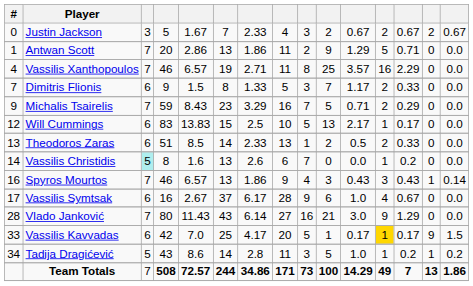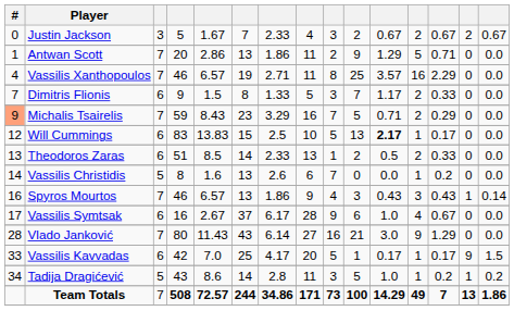 <table class="wikitable sortable" style="font-size:90%; text-align:center;">
 <tr>
 <th>#</th>
 <th>Player</th>
 <th></th>
 <th></th>
 <th></th>
 <th></th>
 <th></th>
 <th></th>
 <th></th>
 <th></th>
 <th></th>
 <th></th>
 <th></th>
 <th></th>
 <th></th>
 </tr>
 <tr>
 <td>0</td>
 <td align="left"> <a href='#'>Justin Jackson</a></td>
 <td>3</td>
 <td>5</td>
 <td>1.67</td>
 <td>7</td>
 <td>2.33</td>
 <td>4</td>
 <td>3</td>
 <td>2</td>
 <td>0.67</td>
 <td>2</td>
 <td>0.67</td>
 <td>2</td>
 <td>0.67</td>
 </tr>
 <tr>
 </tr>
 <tr>
 <td>1</td>
 <td align="left"> <a href='#'>Antwan Scott</a></td>
 <td>7</td>
 <td>20</td>
 <td>2.86</td>
 <td>13</td>
 <td>1.86</td>
 <td>11</td>
 <td>2</td>
 <td>9</td>
 <td>1.29</td>
 <td>5</td>
 <td>0.71</td>
 <td>0</td>
 <td>0.0</td>
 </tr>
 <tr>
 </tr>
 <tr>
 <td>4</td>
 <td align="left"> <a href='#'>Vassilis Xanthopoulos</a></td>
 <td>7</td>
 <td>46</td>
 <td>6.57</td>
 <td>19</td>
 <td>2.71</td>
 <td>11</td>
 <td>8</td>
 <td>25</td>
 <td>3.57</td>
 <td>16</td>
 <td>2.29</td>
 <td>0</td>
 <td>0.0</td>
 </tr>
 <tr>
 </tr>
 <tr>
 <td>7</td>
 <td align="left"> <a href='#'>Dimitris Flionis</a></td>
 <td>6</td>
 <td>9</td>
 <td>1.5</td>
 <td>8</td>
 <td>1.33</td>
 <td>5</td>
 <td>3</td>
 <td>7</td>
 <td>1.17</td>
 <td>2</td>
 <td>0.33</td>
 <td>0</td>
 <td>0.0</td>
 </tr>
 <tr>
 </tr>
 <tr>
-<td>9</td>
+<td style="background: lightsalmon;">9</td>
 <td align="left"> <a href='#'>Michalis Tsairelis</a></td>
 <td>7</td>
 <td>59</td>
 <td>8.43</td>
 <td>23</td>
 <td>3.29</td>
 <td>16</td>
 <td>7</td>
 <td>5</td>
 <td>0.71</td>
 <td>2</td>
 <td>0.29</td>
 <td>0</td>
 <td>0.0</td>
 </tr>
 <tr>
 </tr>
 <tr>
 <td>12</td>
 <td align="left"> <a href='#'>Will Cummings</a></td>
 <td>6</td>
 <td>83</td>
 <td>13.83</td>
 <td>15</td>
 <td>2.5</td>
 <td>10</td>
 <td>5</td>
 <td>13</td>
-<td>2.17</td>
+<td><strong>2.17</strong></td>
 <td>1</td>
 <td>0.17</td>
 <td>0</td>
 <td>0.0</td>
 </tr>
 <tr>
 </tr>
 <tr>
 <td>13</td>
 <td align="left"> <a href='#'>Theodoros Zaras</a></td>
 <td>6</td>
 <td>51</td>
 <td>8.5</td>
 <td>14</td>
 <td>2.33</td>
 <td>13</td>
 <td>1</td>
 <td>2</td>
 <td>0.5</td>
 <td>2</td>
 <td>0.33</td>
 <td>0</td>
 <td>0.0</td>
 </tr>
 <tr>
 </tr>
 <tr>
 <td>14</td>
 <td align="left"> <a href='#'>Vassilis Christidis</a></td>
-<td style="background: paleturquoise;">5</td>
+<td>5</td>
 <td>8</td>
 <td>1.6</td>
 <td>13</td>
 <td>2.6</td>
 <td>6</td>
 <td>7</td>
 <td>0</td>
 <td>0.0</td>
 <td>1</td>
 <td>0.2</td>
 <td>0</td>
 <td>0.0</td>
 </tr>
 <tr>
 </tr>
 <tr>
 <td>16</td>
 <td align="left"> <a href='#'>Spyros Mourtos</a></td>
 <td>7</td>
 <td>46</td>
 <td>6.57</td>
 <td>13</td>
 <td>1.86</td>
 <td>9</td>
 <td>4</td>
 <td>3</td>
 <td>0.43</td>
 <td>3</td>
 <td>0.43</td>
 <td>1</td>
 <td>0.14</td>
 </tr>
 <tr>
 </tr>
 <tr>
 <td>17</td>
 <td align="left"> <a href='#'>Vassilis Symtsak</a></td>
 <td>6</td>
 <td>16</td>
 <td>2.67</td>
 <td>37</td>
 <td>6.17</td>
 <td>28</td>
 <td>9</td>
 <td>6</td>
 <td>1.0</td>
 <td>4</td>
 <td>0.67</td>
 <td>0</td>
 <td>0.0</td>
 </tr>
 <tr>
 </tr>
 <tr>
 <td>28</td>
 <td align="left"> <a href='#'>Vlado Janković</a></td>
 <td>7</td>
 <td>80</td>
 <td>11.43</td>
 <td>43</td>
 <td>6.14</td>
 <td>27</td>
 <td>16</td>
 <td>21</td>
 <td>3.0</td>
 <td>9</td>
 <td>1.29</td>
 <td>0</td>
 <td>0.0</td>
 </tr>
 <tr>
 </tr>
 <tr>
 <td>33</td>
 <td align="left"> <a href='#'>Vassilis Kavvadas</a></td>
 <td>6</td>
 <td>42</td>
 <td>7.0</td>
 <td>25</td>
 <td>4.17</td>
 <td>20</td>
 <td>5</td>
 <td>1</td>
 <td>0.17</td>
-<td style="background: gold;">1</td>
+<td>1</td>
 <td>0.17</td>
 <td>9</td>
 <td>1.5</td>
 </tr>
 <tr>
 </tr>
 <tr>
 <td>34</td>
 <td align="left"> <a href='#'>Tadija Dragićević</a></td>
 <td>5</td>
 <td>43</td>
 <td>8.6</td>
 <td>14</td>
 <td>2.8</td>
 <td>11</td>
 <td>3</td>
 <td>5</td>
 <td>1.0</td>
 <td>1</td>
 <td>0.2</td>
 <td>1</td>
 <td>0.2</td>
 </tr>
 <tr>
 </tr>
 <tr>
 </tr>
 <tr>
 <td></td>
 <td><strong>Team Totals</strong></td>
 <td>7</td>
 <td><strong>508</strong></td>
 <td><strong>72.57</strong></td>
 <td><strong>244</strong></td>
 <td><strong>34.86</strong></td>
 <td><strong>171</strong></td>
 <td><strong>73</strong></td>
 <td><strong>100</strong></td>
 <td><strong>14.29</strong></td>
 <td><strong>49</strong></td>
 <td><strong>7</strong></td>
 <td><strong>13</strong></td>
 <td><strong>1.86</strong></td>
 </tr>
 <tr>
 </tr>
 </table>
